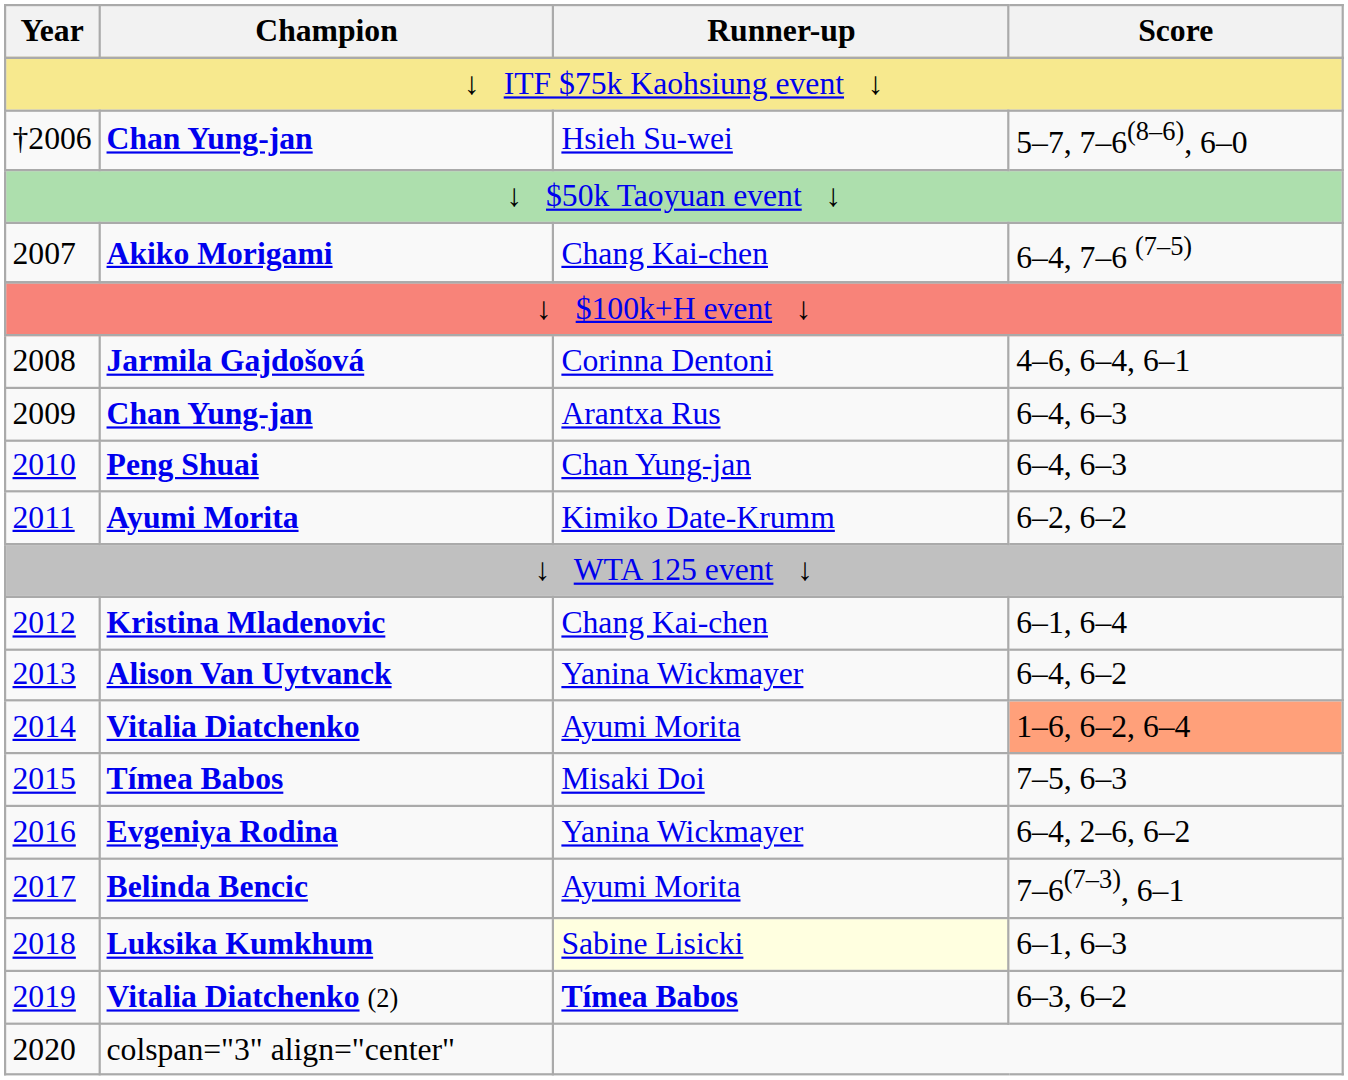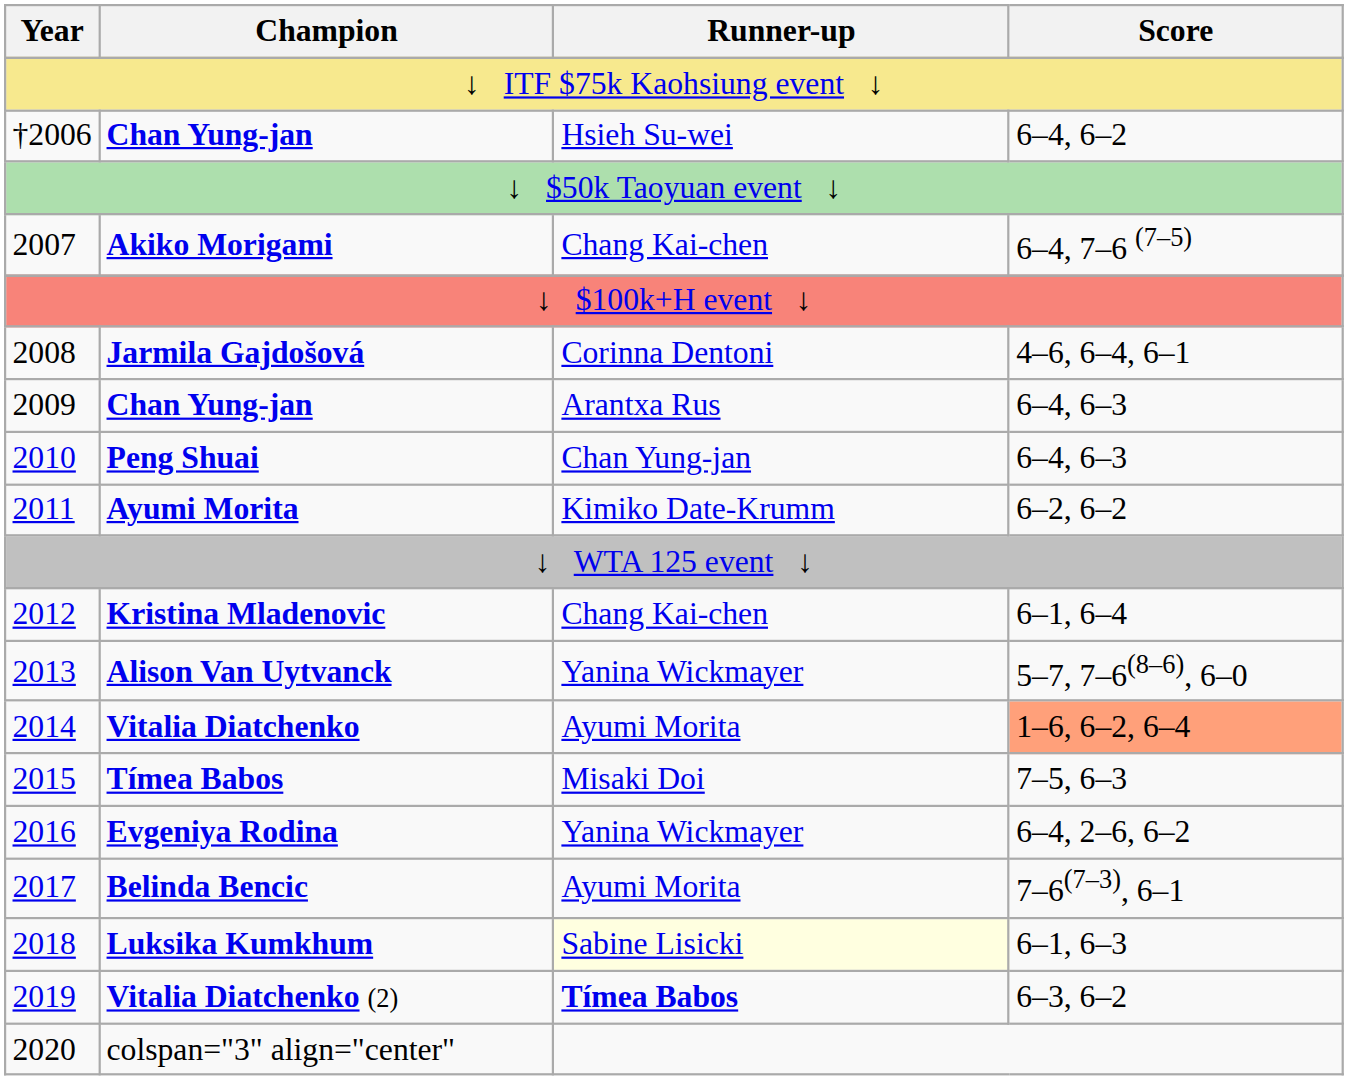 <table class="wikitable" style="font-size:90%">
 <tr>
 <th>Year</th>
 <th width="200">Champion</th>
 <th width="200">Runner-up</th>
 <th width="145">Score</th>
 </tr>
 <tr>
 </tr>
 <tr bgcolor="#f7e98e">
 <td colspan="5" align="center">↓   <a href='#'>ITF $75k Kaohsiung event</a>   ↓</td>
 </tr>
 <tr>
 <td>†2006</td>
 <td> <strong><a href='#'>Chan Yung-jan</a></strong></td>
 <td> <a href='#'>Hsieh Su-wei</a></td>
-<td>5–7, 7–6<sup>(8–6)</sup>, 6–0</td>
+<td>6–4, 6–2</td>
 </tr>
 <tr bgcolor="#addfad">
 <td colspan="5" align="center">↓   <a href='#'>$50k Taoyuan event</a>   ↓</td>
 </tr>
 <tr>
 <td>2007</td>
 <td> <strong><a href='#'>Akiko Morigami</a></strong></td>
 <td>  <a href='#'>Chang Kai-chen</a></td>
 <td>6–4, 7–6 <sup>(7–5) </sup></td>
 </tr>
 <tr>
 </tr>
 <tr bgcolor="#f88379">
 <td colspan="5" align="center">↓   <a href='#'>$100k+H event</a>   ↓</td>
 </tr>
 <tr>
 <td>2008</td>
 <td> <strong><a href='#'>Jarmila Gajdošová</a></strong></td>
 <td> <a href='#'>Corinna Dentoni</a></td>
 <td>4–6, 6–4, 6–1</td>
 </tr>
 <tr>
 <td>2009</td>
 <td> <strong><a href='#'>Chan Yung-jan</a></strong></td>
 <td>  <a href='#'>Arantxa Rus</a></td>
 <td>6–4, 6–3</td>
 </tr>
 <tr>
 <td><a href='#'>2010</a></td>
 <td> <strong><a href='#'>Peng Shuai</a></strong> </td>
 <td> <a href='#'>Chan Yung-jan</a></td>
 <td>6–4, 6–3</td>
 </tr>
 <tr>
 <td><a href='#'>2011</a></td>
 <td> <strong><a href='#'>Ayumi Morita</a></strong></td>
 <td> <a href='#'>Kimiko Date-Krumm</a></td>
 <td>6–2, 6–2</td>
 </tr>
 <tr bgcolor="silver">
 <td colspan="5" align="center">↓   <a href='#'>WTA 125 event</a>   ↓</td>
 </tr>
 <tr>
 <td><a href='#'>2012</a></td>
 <td> <strong><a href='#'>Kristina Mladenovic</a></strong></td>
 <td> <a href='#'>Chang Kai-chen</a></td>
 <td>6–1, 6–4</td>
 </tr>
 <tr>
 <td><a href='#'>2013</a></td>
 <td> <strong><a href='#'>Alison Van Uytvanck</a></strong></td>
 <td> <a href='#'>Yanina Wickmayer</a></td>
-<td>6–4, 6–2</td>
+<td>5–7, 7–6<sup>(8–6)</sup>, 6–0</td>
 </tr>
 <tr>
 <td><a href='#'>2014</a></td>
 <td> <strong><a href='#'>Vitalia Diatchenko</a></strong></td>
 <td> <a href='#'>Ayumi Morita</a></td>
 <td style="background: lightsalmon;">1–6, 6–2, 6–4</td>
 </tr>
 <tr>
 <td><a href='#'>2015</a></td>
 <td> <strong><a href='#'>Tímea Babos</a></strong></td>
 <td>  <a href='#'>Misaki Doi</a></td>
 <td>7–5, 6–3</td>
 </tr>
 <tr>
 <td><a href='#'>2016</a></td>
 <td> <strong><a href='#'>Evgeniya Rodina</a></strong></td>
 <td> <a href='#'>Yanina Wickmayer</a></td>
 <td>6–4, 2–6, 6–2</td>
 </tr>
 <tr>
 <td><a href='#'>2017</a></td>
 <td> <strong><a href='#'>Belinda Bencic</a></strong></td>
 <td> <a href='#'>Ayumi Morita</a></td>
 <td>7–6<sup>(7–3)</sup>, 6–1</td>
 </tr>
 <tr>
 <td><a href='#'>2018</a></td>
 <td> <strong><a href='#'>Luksika Kumkhum</a></strong></td>
 <td style="background: lightyellow;">  <a href='#'>Sabine Lisicki</a></td>
 <td>6–1, 6–3</td>
 </tr>
 <tr>
 <td><a href='#'>2019</a></td>
 <td> <strong><a href='#'>Vitalia Diatchenko</a></strong> <small>(2)</small></td>
 <td><strong> <a href='#'>Tímea Babos</a></strong></td>
 <td>6–3, 6–2</td>
 </tr>
 <tr>
 <td>2020</td>
 <td>colspan="3" align="center" </td>
 </tr>
 </table>
